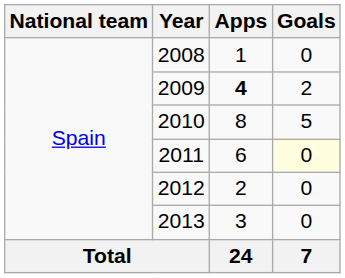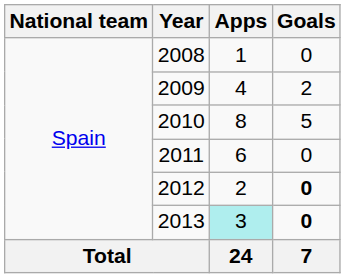 <table class="wikitable" style="text-align:center">
 <tr>
 <th>National team</th>
 <th>Year</th>
 <th>Apps</th>
 <th>Goals</th>
 </tr>
 <tr>
 <td rowspan="6"><a href='#'>Spain</a></td>
 <td>2008</td>
 <td>1</td>
 <td>0</td>
 </tr>
 <tr>
 <td>2009</td>
-<td><strong>4</strong></td>
+<td>4</td>
 <td>2</td>
 </tr>
 <tr>
 <td>2010</td>
 <td>8</td>
 <td>5</td>
 </tr>
 <tr>
 <td>2011</td>
 <td>6</td>
-<td style="background: lightyellow;">0</td>
+<td>0</td>
 </tr>
 <tr>
 <td>2012</td>
 <td>2</td>
-<td>0</td>
+<td><strong>0</strong></td>
 </tr>
 <tr>
 <td>2013</td>
-<td>3</td>
-<td>0</td>
+<td style="background: paleturquoise;">3</td>
+<td><strong>0</strong></td>
 </tr>
 <tr>
 <th colspan="2">Total</th>
 <th>24</th>
 <th>7</th>
 </tr>
 </table>
